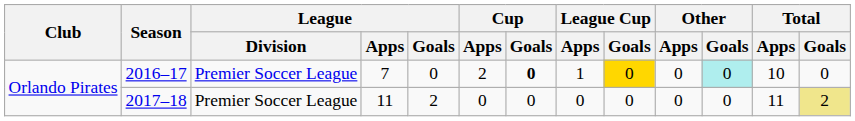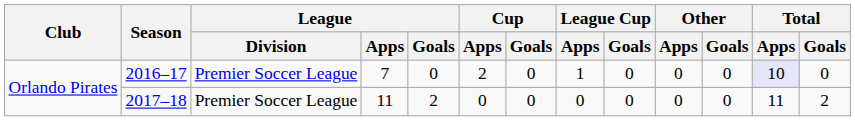 <table class="wikitable" style="text-align: center">
 <tr>
 <th rowspan="2">Club</th>
 <th rowspan="2">Season</th>
 <th colspan="3">League</th>
 <th colspan="2">Cup</th>
 <th colspan="2">League Cup</th>
 <th colspan="2">Other</th>
 <th colspan="2">Total</th>
 </tr>
 <tr>
 <th>Division</th>
 <th>Apps</th>
 <th>Goals</th>
 <th>Apps</th>
 <th>Goals</th>
 <th>Apps</th>
 <th>Goals</th>
 <th>Apps</th>
 <th>Goals</th>
 <th>Apps</th>
 <th>Goals</th>
 </tr>
 <tr>
 <td rowspan="2"><a href='#'>Orlando Pirates</a></td>
 <td><a href='#'>2016–17</a></td>
 <td><a href='#'>Premier Soccer League</a></td>
 <td>7</td>
 <td>0</td>
 <td>2</td>
-<td><strong>0</strong></td>
+<td>0</td>
 <td>1</td>
-<td style="background: gold;">0</td>
 <td>0</td>
-<td style="background: paleturquoise;">0</td>
-<td>10</td>
+<td>0</td>
+<td>0</td>
+<td style="background: lavender;">10</td>
 <td>0</td>
 </tr>
 <tr>
 <td><a href='#'>2017–18</a></td>
 <td>Premier Soccer League</td>
 <td>11</td>
 <td>2</td>
 <td>0</td>
 <td>0</td>
 <td>0</td>
 <td>0</td>
 <td>0</td>
 <td>0</td>
 <td>11</td>
-<td style="background: khaki;">2</td>
+<td>2</td>
 </tr>
 </table>
